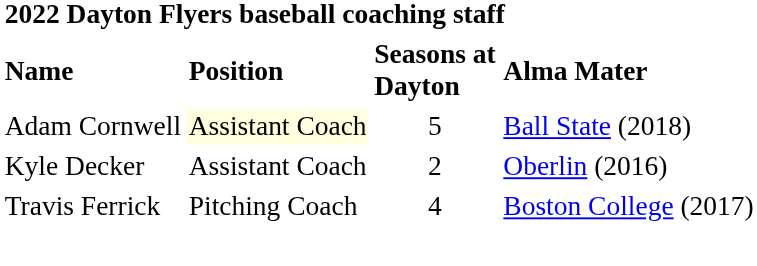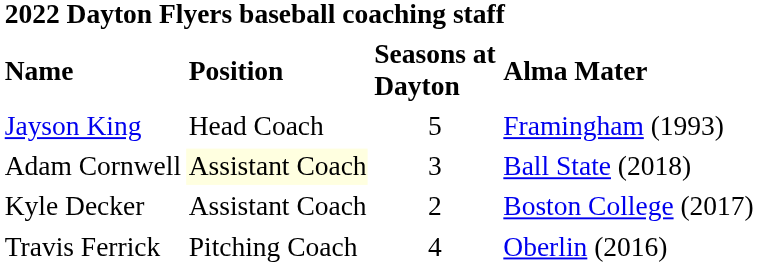 <table class="toccolours" style="text-align: left; font-size:90%;">
 <tr>
 <th colspan="4">2022 Dayton Flyers baseball coaching staff</th>
 </tr>
 <tr>
 <th>Name</th>
 <th>Position</th>
 <th>Seasons at<br>Dayton</th>
 <th>Alma Mater</th>
 </tr>
 <tr>
+<td><a href='#'>Jayson King</a></td>
+<td>Head Coach</td>
+<td align=center>5</td>
+<td><a href='#'>Framingham</a> (1993)</td>
+</tr>
+<tr>
 <td>Adam Cornwell</td>
 <td style="background: lightyellow;">Assistant Coach</td>
-<td align=center>5</td>
+<td align=center>3</td>
 <td><a href='#'>Ball State</a> (2018)</td>
 </tr>
 <tr>
 <td>Kyle Decker</td>
 <td>Assistant Coach</td>
 <td align=center>2</td>
-<td><a href='#'>Oberlin</a> (2016)</td>
+<td><a href='#'>Boston College</a> (2017)</td>
 </tr>
 <tr>
 <td>Travis Ferrick</td>
 <td>Pitching Coach</td>
 <td align=center>4</td>
-<td><a href='#'>Boston College</a> (2017)</td>
+<td><a href='#'>Oberlin</a> (2016)</td>
 </tr>
 </table>
